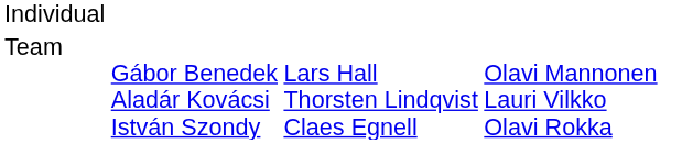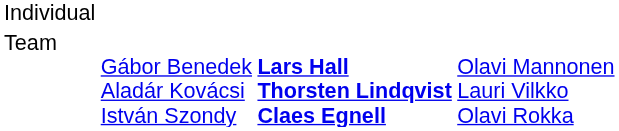 <table>
 <tr>
 <td>Individual<br></td>
 <td></td>
 <td></td>
 <td></td>
 </tr>
 <tr valign="top">
 <td>Team<br></td>
 <td><br><a href='#'>Gábor Benedek</a><br><a href='#'>Aladár Kovácsi</a><br><a href='#'>István Szondy</a></td>
-<td><br><a href='#'>Lars Hall</a><br><a href='#'>Thorsten Lindqvist</a><br><a href='#'>Claes Egnell</a></td>
+<td><strong><br><a href='#'>Lars Hall</a><br><a href='#'>Thorsten Lindqvist</a><br><a href='#'>Claes Egnell</a></strong></td>
 <td><br><a href='#'>Olavi Mannonen</a><br><a href='#'>Lauri Vilkko</a><br><a href='#'>Olavi Rokka</a></td>
 </tr>
 </table>
